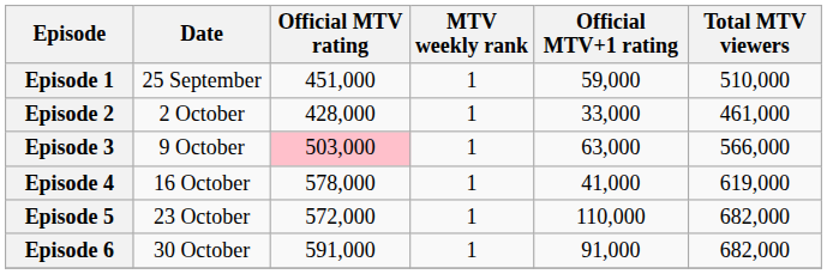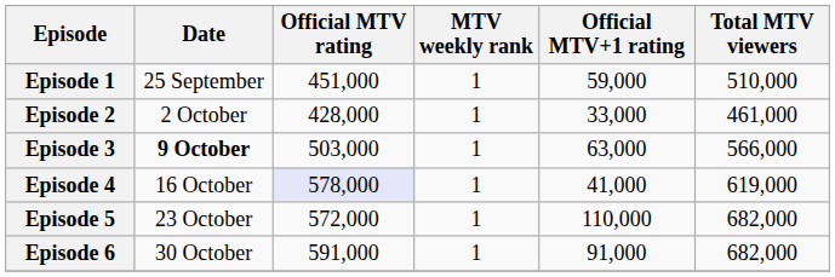 <table class="wikitable sortable" style="text-align:center">
 <tr>
 <th scope="col" style="width:120px;">Episode</th>
 <th scope="col" style="width:120px;">Date</th>
 <th scope="col" style="width:140px;">Official MTV rating</th>
 <th scope="col" style="width:120px;">MTV weekly rank</th>
 <th scope="col" style="width:160px;">Official MTV+1 rating</th>
 <th scope="col" style="width:130px;">Total MTV viewers</th>
 </tr>
 <tr>
 <th scope="row">Episode 1</th>
 <td>25 September</td>
 <td>451,000</td>
 <td>1</td>
 <td>59,000</td>
 <td>510,000</td>
 </tr>
 <tr>
 <th scope="row">Episode 2</th>
 <td>2 October</td>
 <td>428,000</td>
 <td>1</td>
 <td>33,000</td>
 <td>461,000</td>
 </tr>
 <tr>
 <th scope="row">Episode 3</th>
-<td>9 October</td>
-<td style="background: pink;">503,000</td>
+<td><strong>9 October</strong></td>
+<td>503,000</td>
 <td>1</td>
 <td>63,000</td>
 <td>566,000</td>
 </tr>
 <tr>
 <th scope="row">Episode 4</th>
 <td>16 October</td>
-<td>578,000</td>
+<td style="background: lavender;">578,000</td>
 <td>1</td>
 <td>41,000</td>
 <td>619,000</td>
 </tr>
 <tr>
 <th scope="row">Episode 5</th>
 <td>23 October</td>
 <td>572,000</td>
 <td>1</td>
 <td>110,000</td>
 <td>682,000</td>
 </tr>
 <tr>
 <th scope="row">Episode 6</th>
 <td>30 October</td>
 <td>591,000</td>
 <td>1</td>
 <td>91,000</td>
 <td>682,000</td>
 </tr>
 <tr>
 </tr>
 </table>
